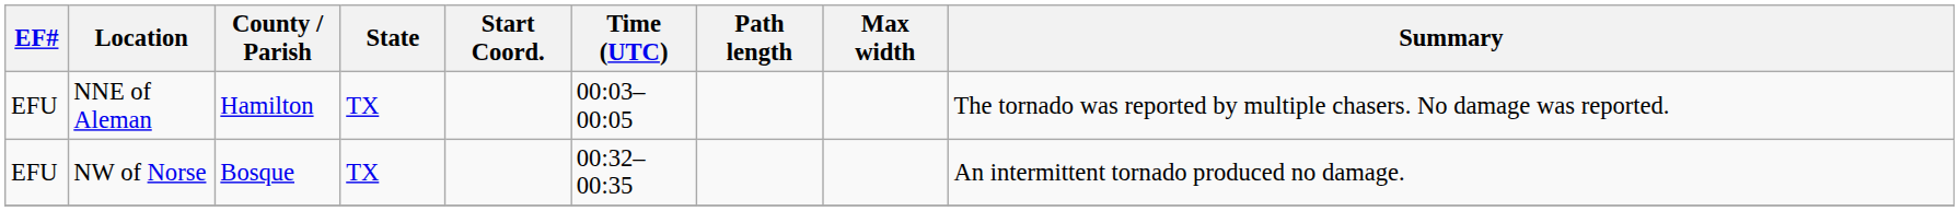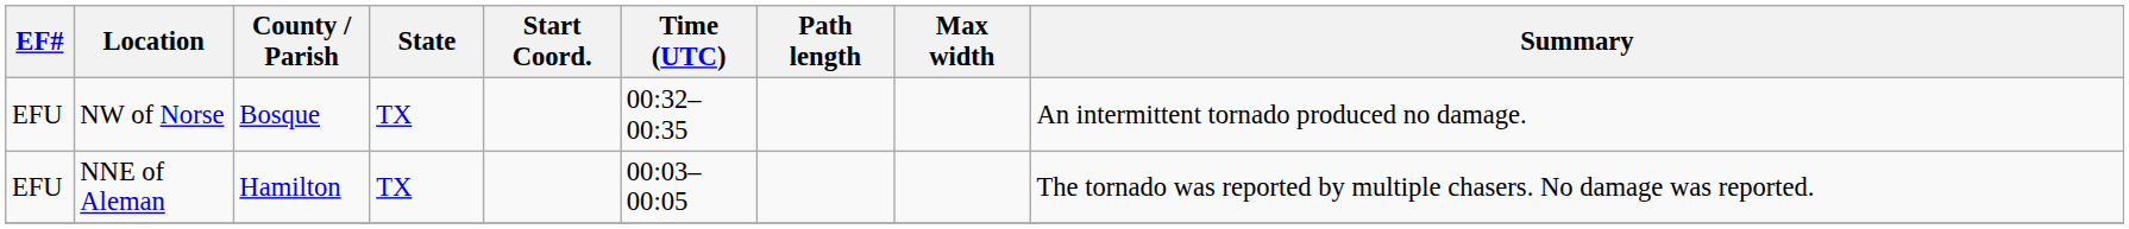 <table class="wikitable sortable" style="width:100%;">
 <tr>
 <th scope="col"  style="width:3%; text-align:center;"><a href='#'>EF#</a></th>
 <th scope="col"  style="width:7%; text-align:center;" class="unsortable">Location</th>
 <th scope="col"  style="width:6%; text-align:center;" class="unsortable">County / Parish</th>
 <th scope="col"  style="width:5%; text-align:center;">State</th>
 <th scope="col"  style="width:6%; text-align:center;">Start Coord.</th>
 <th scope="col"  style="width:6%; text-align:center;">Time (<a href='#'>UTC</a>)</th>
 <th scope="col"  style="width:6%; text-align:center;">Path length</th>
 <th scope="col"  style="width:6%; text-align:center;">Max width</th>
 <th scope="col" class="unsortable" style="width:48%; text-align:center;">Summary</th>
 </tr>
 <tr>
 <td>EFU</td>
+<td>NW of <a href='#'>Norse</a></td>
+<td><a href='#'>Bosque</a></td>
+<td><a href='#'>TX</a></td>
+<td></td>
+<td>00:32–00:35</td>
+<td></td>
+<td></td>
+<td>An intermittent tornado produced no damage.</td>
+</tr>
+<tr>
+<td>EFU</td>
 <td>NNE of <a href='#'>Aleman</a></td>
 <td><a href='#'>Hamilton</a></td>
 <td><a href='#'>TX</a></td>
 <td></td>
 <td>00:03–00:05</td>
 <td></td>
 <td></td>
 <td>The tornado was reported by multiple chasers. No damage was reported.</td>
 </tr>
 <tr>
-<td>EFU</td>
-<td>NW of <a href='#'>Norse</a></td>
-<td><a href='#'>Bosque</a></td>
-<td><a href='#'>TX</a></td>
-<td></td>
-<td>00:32–00:35</td>
-<td></td>
-<td></td>
-<td>An intermittent tornado produced no damage.</td>
-</tr>
-<tr>
 </tr>
 </table>
